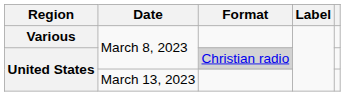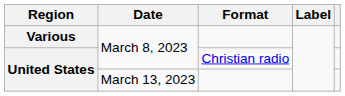 <table class="wikitable plainrowheaders">
 <tr>
 <th scope="col">Region</th>
 <th scope="col">Date</th>
 <th scope="col">Format</th>
 <th scope="col">Label</th>
 <th scope="col"></th>
 </tr>
 <tr>
 <th scope="row">Various</th>
 <td rowspan="2">March 8, 2023</td>
 <td></td>
 <td rowspan="3"></td>
 <td></td>
 </tr>
 <tr>
 <th rowspan="3" scope="row">United States</th>
-<td style="background: lightgrey;"><a href='#'>Christian radio</a></td>
+<td><a href='#'>Christian radio</a></td>
 <td align="center"></td>
 </tr>
 <tr>
 <td>March 13, 2023</td>
 <td></td>
 <td align="center"></td>
 </tr>
 </table>
